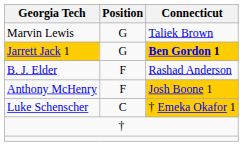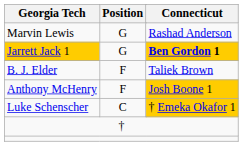 <table class="wikitable">
 <tr>
 <th>Georgia Tech</th>
 <th colspan="2">Position</th>
 <th>Connecticut</th>
 </tr>
 <tr>
 <td>Marvin Lewis</td>
 <td colspan=2 style="text-align:center">G</td>
-<td><a href='#'>Taliek Brown</a></td>
+<td><a href='#'>Rashad Anderson</a></td>
 </tr>
 <tr>
 <td style="background:#ffcc00"><a href='#'>Jarrett Jack</a> 1</td>
 <td colspan=2 style="text-align:center">G</td>
 <td style="background:#ffcc00"><strong><a href='#'>Ben Gordon</a> 1</strong></td>
 </tr>
 <tr>
 <td><a href='#'>B. J. Elder</a></td>
 <td colspan=2 style="text-align:center">F</td>
-<td><a href='#'>Rashad Anderson</a></td>
+<td><a href='#'>Taliek Brown</a></td>
 </tr>
 <tr>
 <td><a href='#'>Anthony McHenry</a></td>
 <td colspan=2 style="text-align:center">F</td>
 <td style="background:#ffcc00"><a href='#'>Josh Boone</a> 1</td>
 </tr>
 <tr>
 <td><a href='#'>Luke Schenscher</a></td>
 <td colspan=2 style="text-align:center">C</td>
 <td style="background:#ffcc00">† <a href='#'>Emeka Okafor</a> 1</td>
 </tr>
 <tr>
 <td colspan="5" align=center>† </td>
 </tr>
 <tr>
 <td colspan="5" align=center></td>
 </tr>
 </table>
